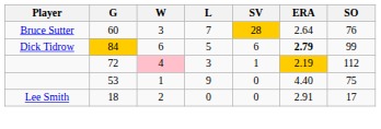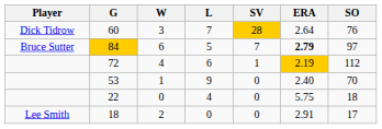 <table class="wikitable sortable">
 <tr>
 <th bgcolor="#DDDDFF" width="16%">Player</th>
 <th bgcolor="#DDDDFF" width="9%">G</th>
 <th bgcolor="#DDDDFF" width="9%">W</th>
 <th bgcolor="#DDDDFF" width="9%">L</th>
 <th bgcolor="#DDDDFF" width="9%">SV</th>
 <th bgcolor="#DDDDFF" width="9%">ERA</th>
 <th bgcolor="#DDDDFF" width="9%">SO</th>
 </tr>
 <tr align="center">
-<td><a href='#'>Bruce Sutter</a></td>
+<td><a href='#'>Dick Tidrow</a></td>
 <td>60</td>
 <td>3</td>
 <td>7</td>
 <td style="background:#fc0;">28</td>
 <td>2.64</td>
 <td>76</td>
 </tr>
 <tr align=center>
-<td><a href='#'>Dick Tidrow</a></td>
+<td><a href='#'>Bruce Sutter</a></td>
 <td style="background:#fc0;">84</td>
 <td>6</td>
 <td>5</td>
-<td>6</td>
+<td>7</td>
 <td><strong>2.79</strong></td>
-<td>99</td>
+<td>97</td>
 </tr>
 <tr align=center>
 <td></td>
 <td>72</td>
-<td style="background: pink;">4</td>
-<td>3</td>
+<td>4</td>
+<td>6</td>
 <td>1</td>
 <td style="background:#fc0;">2.19</td>
 <td>112</td>
 </tr>
 <tr align="center">
 <td></td>
 <td>53</td>
 <td>1</td>
 <td>9</td>
 <td>0</td>
-<td>4.40</td>
-<td>75</td>
+<td>2.40</td>
+<td>70</td>
+</tr>
+<tr align="center">
+<td></td>
+<td>22</td>
+<td>0</td>
+<td>4</td>
+<td>0</td>
+<td>5.75</td>
+<td>18</td>
 </tr>
 <tr align="center">
 <td><a href='#'>Lee Smith</a></td>
 <td>18</td>
 <td>2</td>
 <td>0</td>
 <td>0</td>
 <td>2.91</td>
 <td>17</td>
 </tr>
 </table>
